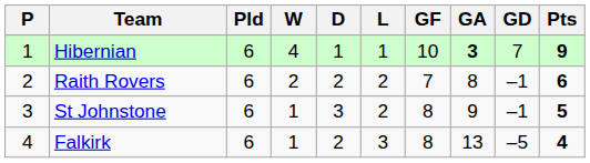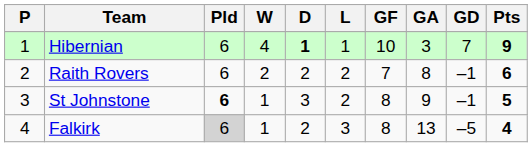 <table class="wikitable" style="text-align: center;">
 <tr>
 <th width=30>P</th>
 <th width=140>Team</th>
 <th width=30>Pld</th>
 <th width=30>W</th>
 <th width=30>D</th>
 <th width=30>L</th>
 <th width=30>GF</th>
 <th width=30>GA</th>
 <th width=30>GD</th>
 <th width=30>Pts</th>
 </tr>
 <tr>
 </tr>
 <tr style="background:#ccffcc;">
 <td>1</td>
 <td align=left><a href='#'>Hibernian</a></td>
 <td>6</td>
 <td>4</td>
-<td>1</td>
+<td><strong>1</strong></td>
 <td>1</td>
 <td>10</td>
-<td><strong>3</strong></td>
+<td>3</td>
 <td>7</td>
 <td><strong>9</strong></td>
 </tr>
 <tr>
 <td>2</td>
 <td align=left><a href='#'>Raith Rovers</a></td>
 <td>6</td>
 <td>2</td>
 <td>2</td>
 <td>2</td>
 <td>7</td>
 <td>8</td>
 <td>–1</td>
 <td><strong>6</strong></td>
 </tr>
 <tr>
 <td>3</td>
 <td align=left><a href='#'>St Johnstone</a></td>
-<td>6</td>
+<td><strong>6</strong></td>
 <td>1</td>
 <td>3</td>
 <td>2</td>
 <td>8</td>
 <td>9</td>
 <td>–1</td>
 <td><strong>5</strong></td>
 </tr>
 <tr>
 <td>4</td>
 <td align=left><a href='#'>Falkirk</a></td>
-<td>6</td>
+<td style="background: lightgrey;">6</td>
 <td>1</td>
 <td>2</td>
 <td>3</td>
 <td>8</td>
 <td>13</td>
 <td>–5</td>
 <td><strong>4</strong></td>
 </tr>
 </table>
